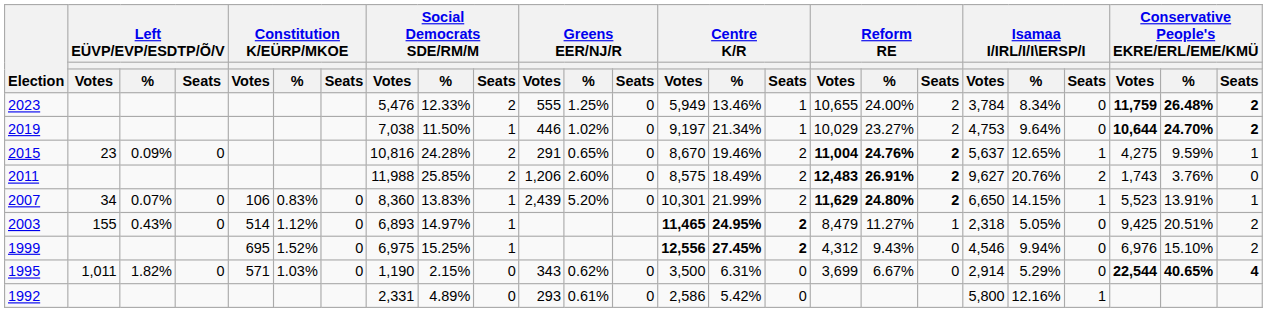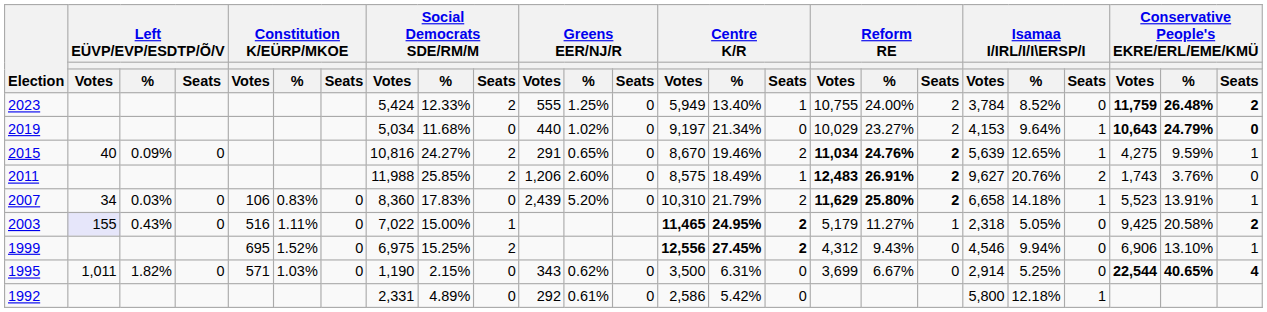 <table class="wikitable" border="1" style="font-size:80%; text-align:right;">
 <tr>
 <th style="text-align:left;" valign=bottom rowspan=3>Election</th>
 <th valign=bottom colspan=3><a href='#'>Left</a><br>EÜVP/EVP/ESDTP/Õ/V</th>
 <th valign=bottom colspan=3><a href='#'>Constitution</a><br>K/EÜRP/MKOE</th>
 <th valign=bottom colspan=3><a href='#'>Social<br>Democrats</a><br>SDE/RM/M</th>
 <th valign=bottom colspan=3><a href='#'>Greens</a><br>EER/NJ/R</th>
 <th valign=bottom colspan=3><a href='#'>Centre</a><br>K/R</th>
 <th valign=bottom colspan=3><a href='#'>Reform</a><br>RE</th>
 <th valign=bottom colspan=3><a href='#'>Isamaa</a><br>I/IRL/I/I\ERSP/I</th>
 <th valign=bottom colspan=3><a href='#'>Conservative<br>People's</a><br>EKRE/ERL/EME/KMÜ</th>
 </tr>
 <tr>
 <th colspan=3 style="background:"></th>
 <th colspan=3 style="background:"></th>
 <th colspan=3 style="background:"></th>
 <th colspan=3 style="background:"></th>
 <th colspan=3 style="background:"></th>
 <th colspan=3 style="background:"></th>
 <th colspan=3 style="background:"></th>
 <th colspan=3 style="background:"></th>
 </tr>
 <tr>
 <th>Votes</th>
 <th>%</th>
 <th>Seats</th>
 <th>Votes</th>
 <th>%</th>
 <th>Seats</th>
 <th>Votes</th>
 <th>%</th>
 <th>Seats</th>
 <th>Votes</th>
 <th>%</th>
 <th>Seats</th>
 <th>Votes</th>
 <th>%</th>
 <th>Seats</th>
 <th>Votes</th>
 <th>%</th>
 <th>Seats</th>
 <th>Votes</th>
 <th>%</th>
 <th>Seats</th>
 <th>Votes</th>
 <th>%</th>
 <th>Seats</th>
 </tr>
 <tr>
 <td align=left><a href='#'>2023</a></td>
 <td></td>
 <td></td>
 <td></td>
 <td></td>
 <td></td>
 <td></td>
-<td>5,476</td>
+<td>5,424</td>
 <td>12.33%</td>
 <td>2</td>
 <td>555</td>
 <td>1.25%</td>
 <td>0</td>
 <td>5,949</td>
-<td>13.46%</td>
+<td>13.40%</td>
 <td>1</td>
-<td>10,655</td>
+<td>10,755</td>
 <td>24.00%</td>
 <td>2</td>
 <td>3,784</td>
-<td>8.34%</td>
+<td>8.52%</td>
 <td>0</td>
 <td><strong>11,759</strong></td>
 <td><strong>26.48%</strong></td>
 <td><strong>2</strong></td>
 </tr>
 <tr>
 <td align=left><a href='#'>2019</a></td>
 <td></td>
 <td></td>
 <td></td>
 <td></td>
 <td></td>
 <td></td>
-<td>7,038</td>
-<td>11.50%</td>
-<td>1</td>
-<td>446</td>
+<td>5,034</td>
+<td>11.68%</td>
+<td>0</td>
+<td>440</td>
 <td>1.02%</td>
 <td>0</td>
 <td>9,197</td>
 <td>21.34%</td>
-<td>1</td>
+<td>0</td>
 <td>10,029</td>
 <td>23.27%</td>
 <td>2</td>
-<td>4,753</td>
+<td>4,153</td>
 <td>9.64%</td>
-<td>0</td>
-<td><strong>10,644</strong></td>
-<td><strong>24.70%</strong></td>
-<td><strong>2</strong></td>
+<td>1</td>
+<td><strong>10,643</strong></td>
+<td><strong>24.79%</strong></td>
+<td><strong>0</strong></td>
 </tr>
 <tr>
 <td align=left><a href='#'>2015</a></td>
-<td>23</td>
+<td>40</td>
 <td>0.09%</td>
 <td>0</td>
 <td></td>
 <td></td>
 <td></td>
 <td>10,816</td>
-<td>24.28%</td>
+<td>24.27%</td>
 <td>2</td>
 <td>291</td>
 <td>0.65%</td>
 <td>0</td>
 <td>8,670</td>
 <td>19.46%</td>
 <td>2</td>
-<td><strong>11,004</strong></td>
+<td><strong>11,034</strong></td>
 <td><strong>24.76%</strong></td>
 <td><strong>2</strong></td>
-<td>5,637</td>
+<td>5,639</td>
 <td>12.65%</td>
 <td>1</td>
 <td>4,275</td>
 <td>9.59%</td>
 <td>1</td>
 </tr>
 <tr>
 <td align=left><a href='#'>2011</a></td>
 <td></td>
 <td></td>
 <td></td>
 <td></td>
 <td></td>
 <td></td>
 <td>11,988</td>
 <td>25.85%</td>
 <td>2</td>
 <td>1,206</td>
 <td>2.60%</td>
 <td>0</td>
 <td>8,575</td>
 <td>18.49%</td>
-<td>2</td>
+<td>1</td>
 <td><strong>12,483</strong></td>
 <td><strong>26.91%</strong></td>
 <td><strong>2</strong></td>
 <td>9,627</td>
 <td>20.76%</td>
 <td>2</td>
 <td>1,743</td>
 <td>3.76%</td>
 <td>0</td>
 </tr>
 <tr>
 <td align=left><a href='#'>2007</a></td>
 <td>34</td>
-<td>0.07%</td>
+<td>0.03%</td>
 <td>0</td>
 <td>106</td>
 <td>0.83%</td>
 <td>0</td>
 <td>8,360</td>
-<td>13.83%</td>
-<td>1</td>
+<td>17.83%</td>
+<td>0</td>
 <td>2,439</td>
 <td>5.20%</td>
 <td>0</td>
-<td>10,301</td>
-<td>21.99%</td>
+<td>10,310</td>
+<td>21.79%</td>
 <td>2</td>
 <td><strong>11,629</strong></td>
-<td><strong>24.80%</strong></td>
+<td><strong>25.80%</strong></td>
 <td><strong>2</strong></td>
-<td>6,650</td>
-<td>14.15%</td>
+<td>6,658</td>
+<td>14.18%</td>
 <td>1</td>
 <td>5,523</td>
 <td>13.91%</td>
 <td>1</td>
 </tr>
 <tr>
 <td align=left><a href='#'>2003</a></td>
-<td>155</td>
+<td style="background: lavender;">155</td>
 <td>0.43%</td>
 <td>0</td>
-<td>514</td>
-<td>1.12%</td>
+<td>516</td>
+<td>1.11%</td>
 <td>0</td>
-<td>6,893</td>
-<td>14.97%</td>
+<td>7,022</td>
+<td>15.00%</td>
 <td>1</td>
 <td></td>
 <td></td>
 <td></td>
 <td><strong>11,465</strong></td>
 <td><strong>24.95%</strong></td>
 <td><strong>2</strong></td>
-<td>8,479</td>
+<td>5,179</td>
 <td>11.27%</td>
 <td>1</td>
 <td>2,318</td>
 <td>5.05%</td>
 <td>0</td>
 <td>9,425</td>
-<td>20.51%</td>
-<td>2</td>
+<td>20.58%</td>
+<td><strong>2</strong></td>
 </tr>
 <tr>
 <td align=left><a href='#'>1999</a></td>
 <td></td>
 <td></td>
 <td></td>
 <td>695</td>
 <td>1.52%</td>
 <td>0</td>
 <td>6,975</td>
 <td>15.25%</td>
-<td>1</td>
+<td>2</td>
 <td></td>
 <td></td>
 <td></td>
 <td><strong>12,556</strong></td>
 <td><strong>27.45%</strong></td>
 <td><strong>2</strong></td>
 <td>4,312</td>
 <td>9.43%</td>
 <td>0</td>
 <td>4,546</td>
 <td>9.94%</td>
 <td>0</td>
-<td>6,976</td>
-<td>15.10%</td>
-<td>2</td>
+<td>6,906</td>
+<td>13.10%</td>
+<td>1</td>
 </tr>
 <tr>
 <td align=left><a href='#'>1995</a></td>
 <td>1,011</td>
 <td>1.82%</td>
 <td>0</td>
 <td>571</td>
 <td>1.03%</td>
 <td>0</td>
 <td>1,190</td>
 <td>2.15%</td>
 <td>0</td>
 <td>343</td>
 <td>0.62%</td>
 <td>0</td>
 <td>3,500</td>
 <td>6.31%</td>
 <td>0</td>
 <td>3,699</td>
 <td>6.67%</td>
 <td>0</td>
 <td>2,914</td>
-<td>5.29%</td>
+<td>5.25%</td>
 <td>0</td>
 <td><strong>22,544</strong></td>
 <td><strong>40.65%</strong></td>
 <td><strong>4</strong></td>
 </tr>
 <tr>
 <td align=left><a href='#'>1992</a></td>
 <td></td>
 <td></td>
 <td></td>
 <td></td>
 <td></td>
 <td></td>
 <td>2,331</td>
 <td>4.89%</td>
 <td>0</td>
-<td>293</td>
+<td>292</td>
 <td>0.61%</td>
 <td>0</td>
 <td>2,586</td>
 <td>5.42%</td>
 <td>0</td>
 <td></td>
 <td></td>
 <td></td>
 <td>5,800</td>
-<td>12.16%</td>
+<td>12.18%</td>
 <td>1</td>
 <td></td>
 <td></td>
 <td></td>
 </tr>
 </table>
